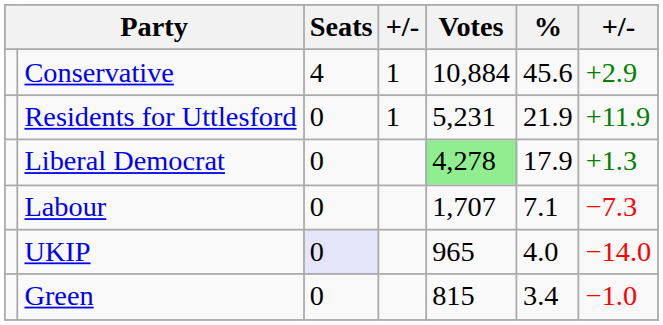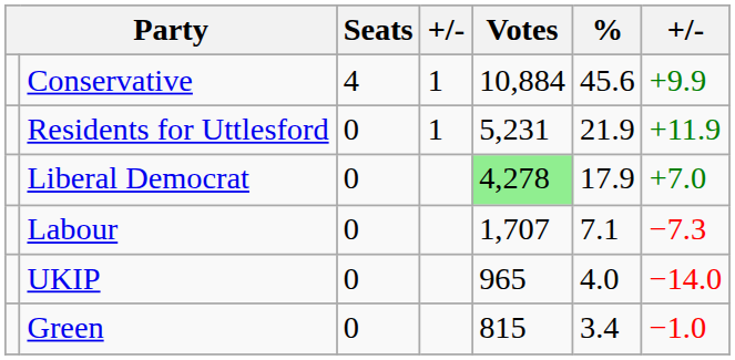 <table class="wikitable sortable">
 <tr>
 <th colspan="2">Party</th>
 <th>Seats</th>
 <th>+/-</th>
 <th>Votes</th>
 <th>%</th>
 <th>+/-</th>
 </tr>
 <tr>
 <td style="background-color: "></td>
 <td><a href='#'>Conservative</a></td>
 <td>4</td>
 <td> 1</td>
 <td>10,884</td>
 <td>45.6</td>
-<td style="color:green">+2.9</td>
+<td style="color:green">+9.9</td>
 </tr>
 <tr>
 <td style="background-color: "></td>
 <td><a href='#'>Residents for Uttlesford</a></td>
 <td>0</td>
 <td> 1</td>
 <td>5,231</td>
 <td>21.9</td>
 <td style="color:green">+11.9</td>
 </tr>
 <tr>
 <td style="background-color: "></td>
 <td><a href='#'>Liberal Democrat</a></td>
 <td>0</td>
 <td></td>
 <td style="background: lightgreen;">4,278</td>
 <td>17.9</td>
-<td style="color:green">+1.3</td>
+<td style="color:green">+7.0</td>
 </tr>
 <tr>
 <td style="background-color: "></td>
 <td><a href='#'>Labour</a></td>
 <td>0</td>
 <td></td>
 <td>1,707</td>
 <td>7.1</td>
 <td style="color:red">−7.3</td>
 </tr>
 <tr>
 <td style="background-color: "></td>
 <td><a href='#'>UKIP</a></td>
-<td style="background: lavender;">0</td>
+<td>0</td>
 <td></td>
 <td>965</td>
 <td>4.0</td>
 <td style="color:red">−14.0</td>
 </tr>
 <tr>
 <td style="background-color: "></td>
 <td><a href='#'>Green</a></td>
 <td>0</td>
 <td></td>
 <td>815</td>
 <td>3.4</td>
 <td style="color:red">−1.0</td>
 </tr>
 </table>
